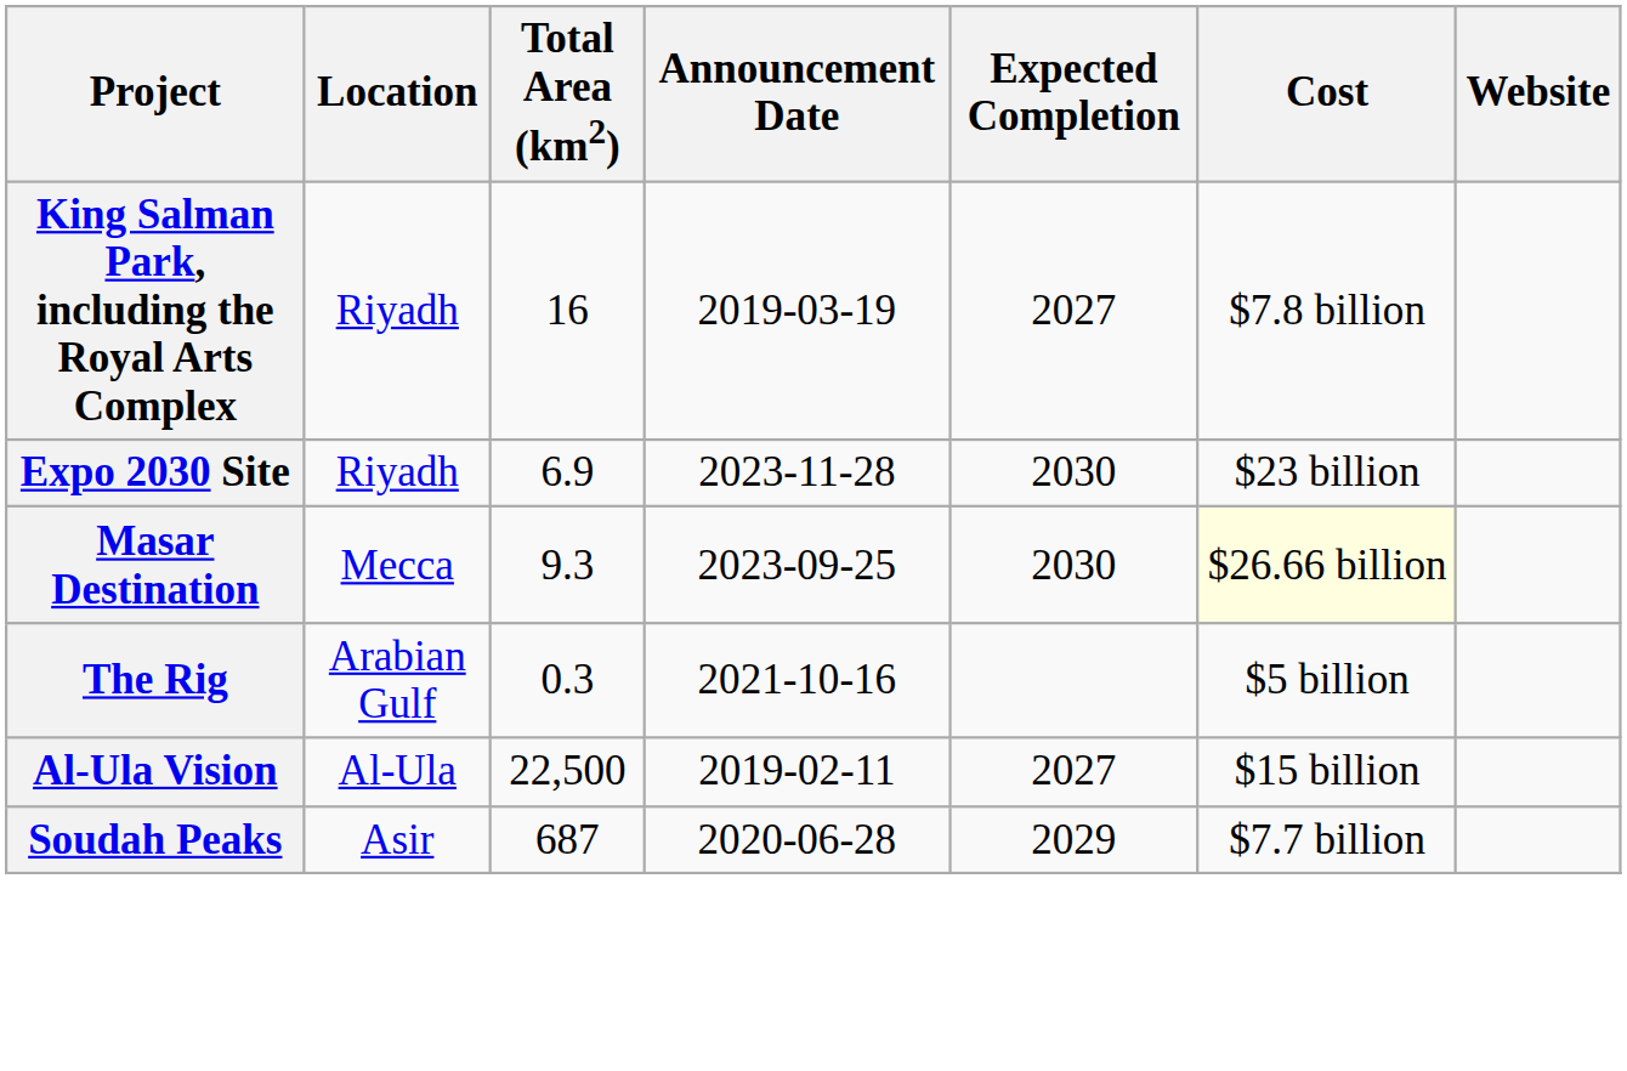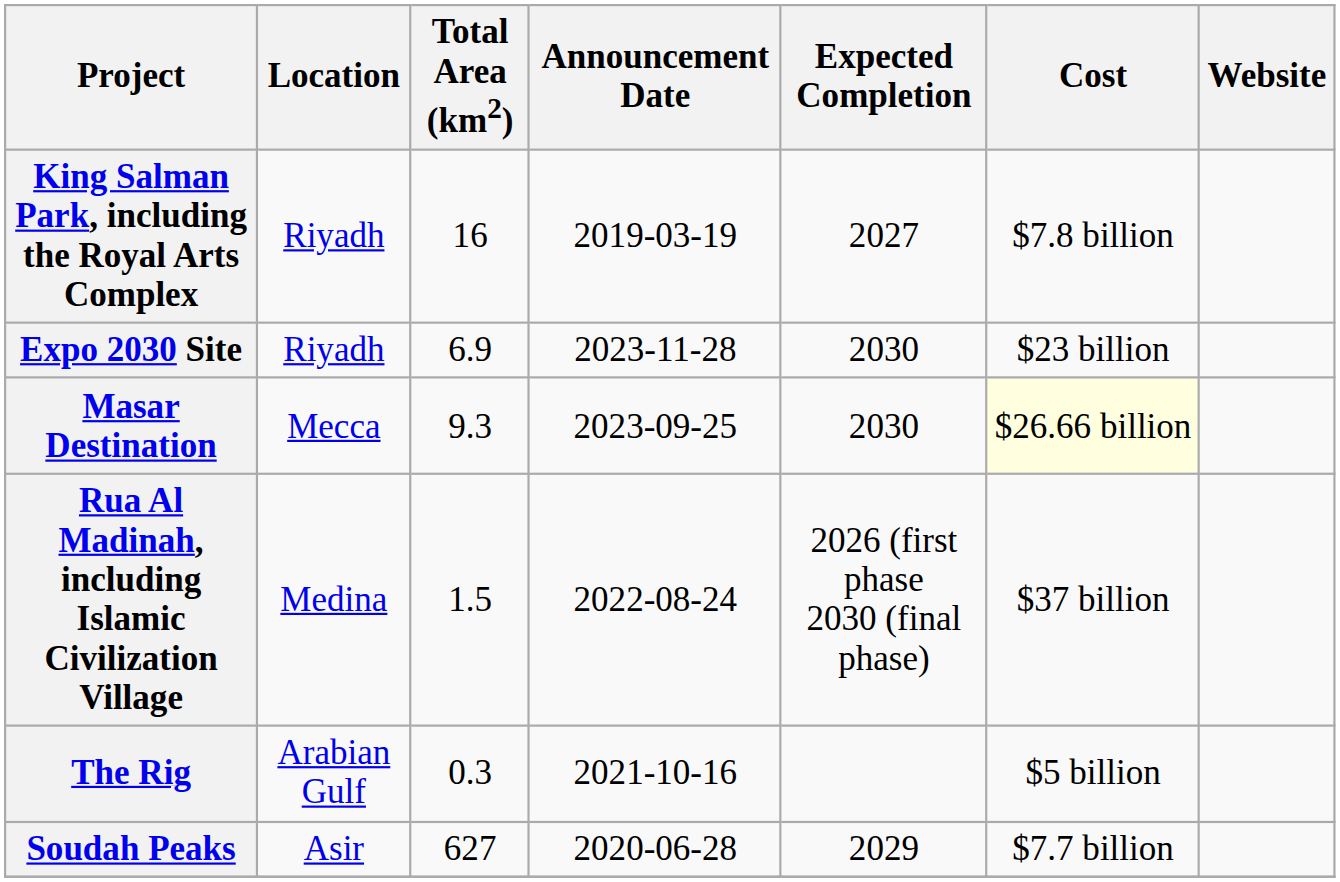 <table class="wikitable sortable" style="text-align:center;">
 <tr>
 <th>Project</th>
 <th>Location</th>
 <th>Total Area (km<sup>2</sup>)</th>
 <th>Announcement Date</th>
 <th>Expected Completion</th>
 <th>Cost</th>
 <th>Website</th>
 </tr>
 <tr>
 <th><a href='#'>King Salman Park</a>, including the Royal Arts Complex</th>
 <td><a href='#'>Riyadh</a></td>
 <td>16</td>
 <td>2019-03-19</td>
 <td>2027</td>
 <td>$7.8 billion</td>
 <td></td>
 </tr>
 <tr>
 <th><a href='#'>Expo 2030</a> Site</th>
 <td><a href='#'>Riyadh</a></td>
 <td>6.9</td>
 <td>2023-11-28</td>
 <td>2030</td>
 <td>$23 billion</td>
 <td></td>
 </tr>
 <tr>
 <th><a href='#'>Masar Destination</a></th>
 <td><a href='#'>Mecca</a></td>
 <td>9.3</td>
 <td>2023-09-25</td>
 <td>2030</td>
 <td style="background: lightyellow;">$26.66 billion</td>
 <td></td>
 </tr>
 <tr>
+<th><a href='#'>Rua Al Madinah</a>, including Islamic Civilization Village</th>
+<td><a href='#'>Medina</a></td>
+<td>1.5</td>
+<td>2022-08-24</td>
+<td>2026 (first phase<br>2030 (final phase)</td>
+<td>$37 billion</td>
+<td></td>
+</tr>
+<tr>
 <th><a href='#'>The Rig</a></th>
 <td><a href='#'>Arabian Gulf</a></td>
 <td>0.3</td>
 <td>2021-10-16</td>
 <td></td>
 <td>$5 billion</td>
 <td></td>
 </tr>
 <tr>
-<th><a href='#'>Al-Ula Vision</a></th>
-<td><a href='#'>Al-Ula</a></td>
-<td>22,500</td>
-<td>2019-02-11</td>
-<td>2027</td>
-<td>$15 billion</td>
-<td></td>
-</tr>
-<tr>
 <th><a href='#'>Soudah Peaks</a></th>
 <td><a href='#'>Asir</a></td>
-<td>687</td>
+<td>627</td>
 <td>2020-06-28</td>
 <td>2029</td>
 <td>$7.7 billion</td>
 <td></td>
 </tr>
 <tr>
 </tr>
 </table>
